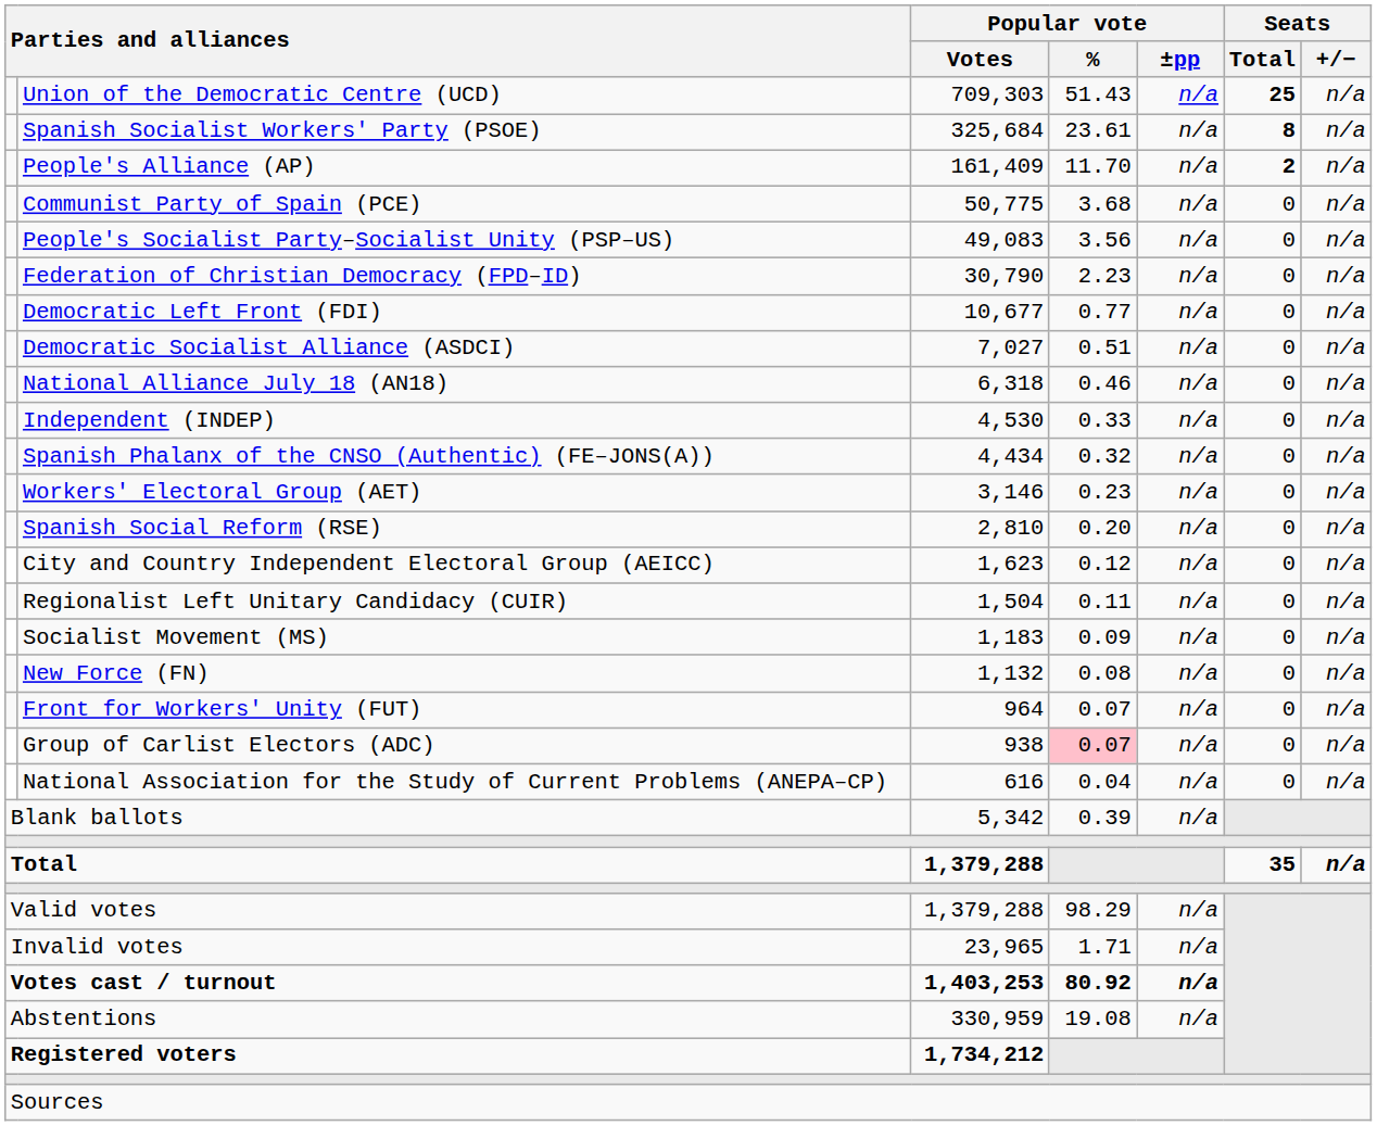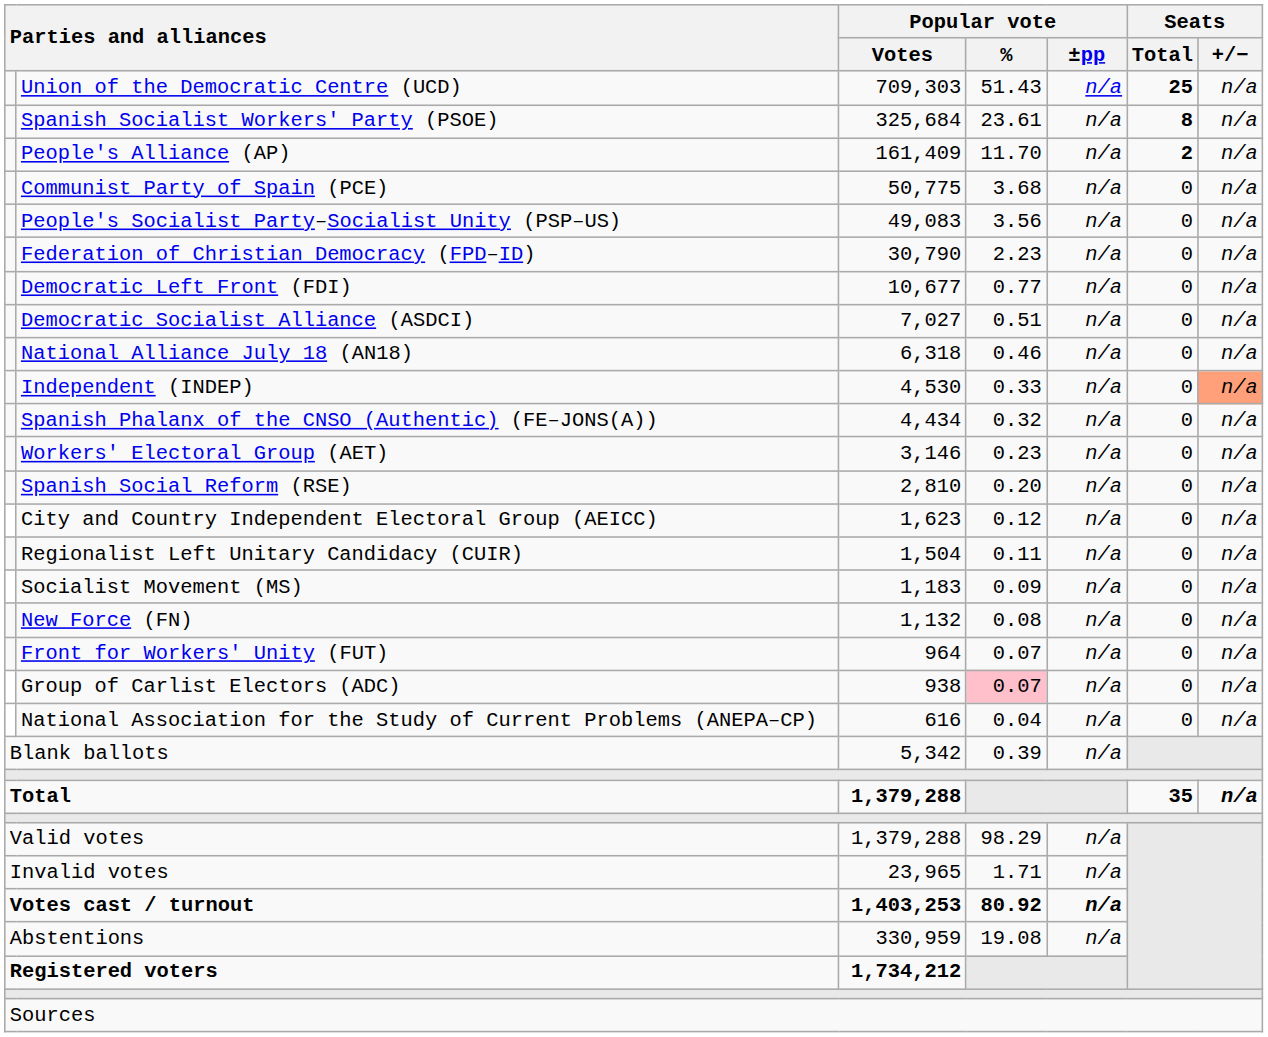 <table class="wikitable" style="text-align:right;">
 <tr>
 <th style="text-align:left;" rowspan="2" colspan="2" width="525">Parties and alliances</th>
 <th colspan="3">Popular vote</th>
 <th colspan="2">Seats</th>
 </tr>
 <tr>
 <th width="75">Votes</th>
 <th width="45">%</th>
 <th width="45">±<a href='#'>pp</a></th>
 <th width="35">Total</th>
 <th width="35">+/−</th>
 </tr>
 <tr>
 <td width="1" style="color:inherit;background:"></td>
 <td align="left"><a href='#'>Union of the Democratic Centre</a> (UCD)</td>
 <td>709,303</td>
 <td>51.43</td>
 <td><em><a href='#'>n/a</a></em></td>
 <td><strong>25</strong></td>
 <td><em>n/a</em></td>
 </tr>
 <tr>
 <td style="color:inherit;background:"></td>
 <td align="left"><a href='#'>Spanish Socialist Workers' Party</a> (PSOE)</td>
 <td>325,684</td>
 <td>23.61</td>
 <td><em>n/a</em></td>
 <td><strong>8</strong></td>
 <td><em>n/a</em></td>
 </tr>
 <tr>
 <td style="color:inherit;background:"></td>
 <td align="left"><a href='#'>People's Alliance</a> (AP)</td>
 <td>161,409</td>
 <td>11.70</td>
 <td><em>n/a</em></td>
 <td><strong>2</strong></td>
 <td><em>n/a</em></td>
 </tr>
 <tr>
 <td style="color:inherit;background:"></td>
 <td align="left"><a href='#'>Communist Party of Spain</a> (PCE)</td>
 <td>50,775</td>
 <td>3.68</td>
 <td><em>n/a</em></td>
 <td>0</td>
 <td><em>n/a</em></td>
 </tr>
 <tr>
 <td style="color:inherit;background:"></td>
 <td align="left"><a href='#'>People's Socialist Party</a>–<a href='#'>Socialist Unity</a> (PSP–US)</td>
 <td>49,083</td>
 <td>3.56</td>
 <td><em>n/a</em></td>
 <td>0</td>
 <td><em>n/a</em></td>
 </tr>
 <tr>
 <td style="color:inherit;background:"></td>
 <td align="left"><a href='#'>Federation of Christian Democracy</a> (<a href='#'>FPD</a>–<a href='#'>ID</a>)</td>
 <td>30,790</td>
 <td>2.23</td>
 <td><em>n/a</em></td>
 <td>0</td>
 <td><em>n/a</em></td>
 </tr>
 <tr>
 <td style="color:inherit;background:"></td>
 <td align="left"><a href='#'>Democratic Left Front</a> (FDI)</td>
 <td>10,677</td>
 <td>0.77</td>
 <td><em>n/a</em></td>
 <td>0</td>
 <td><em>n/a</em></td>
 </tr>
 <tr>
 <td style="color:inherit;background:"></td>
 <td align="left"><a href='#'>Democratic Socialist Alliance</a> (ASDCI)</td>
 <td>7,027</td>
 <td>0.51</td>
 <td><em>n/a</em></td>
 <td>0</td>
 <td><em>n/a</em></td>
 </tr>
 <tr>
 <td style="color:inherit;background:"></td>
 <td align="left"><a href='#'>National Alliance July 18</a> (AN18)</td>
 <td>6,318</td>
 <td>0.46</td>
 <td><em>n/a</em></td>
 <td>0</td>
 <td><em>n/a</em></td>
 </tr>
 <tr>
 <td style="color:inherit;background:"></td>
 <td align="left"><a href='#'>Independent</a> (INDEP)</td>
 <td>4,530</td>
 <td>0.33</td>
 <td><em>n/a</em></td>
 <td>0</td>
-<td><em>n/a</em></td>
+<td style="background: lightsalmon;"><em>n/a</em></td>
 </tr>
 <tr>
 <td style="color:inherit;background:"></td>
 <td align="left"><a href='#'>Spanish Phalanx of the CNSO (Authentic)</a> (FE–JONS(A))</td>
 <td>4,434</td>
 <td>0.32</td>
 <td><em>n/a</em></td>
 <td>0</td>
 <td><em>n/a</em></td>
 </tr>
 <tr>
 <td style="color:inherit;background:"></td>
 <td align="left"><a href='#'>Workers' Electoral Group</a> (AET)</td>
 <td>3,146</td>
 <td>0.23</td>
 <td><em>n/a</em></td>
 <td>0</td>
 <td><em>n/a</em></td>
 </tr>
 <tr>
 <td style="color:inherit;background:"></td>
 <td align="left"><a href='#'>Spanish Social Reform</a> (RSE)</td>
 <td>2,810</td>
 <td>0.20</td>
 <td><em>n/a</em></td>
 <td>0</td>
 <td><em>n/a</em></td>
 </tr>
 <tr>
 <td bgcolor="white"></td>
 <td align="left">City and Country Independent Electoral Group (AEICC)</td>
 <td>1,623</td>
 <td>0.12</td>
 <td><em>n/a</em></td>
 <td>0</td>
 <td><em>n/a</em></td>
 </tr>
 <tr>
 <td style="color:inherit;background:"></td>
 <td align="left">Regionalist Left Unitary Candidacy (CUIR)</td>
 <td>1,504</td>
 <td>0.11</td>
 <td><em>n/a</em></td>
 <td>0</td>
 <td><em>n/a</em></td>
 </tr>
 <tr>
 <td bgcolor="white"></td>
 <td align="left">Socialist Movement (MS)</td>
 <td>1,183</td>
 <td>0.09</td>
 <td><em>n/a</em></td>
 <td>0</td>
 <td><em>n/a</em></td>
 </tr>
 <tr>
 <td style="color:inherit;background:"></td>
 <td align="left"><a href='#'>New Force</a> (FN)</td>
 <td>1,132</td>
 <td>0.08</td>
 <td><em>n/a</em></td>
 <td>0</td>
 <td><em>n/a</em></td>
 </tr>
 <tr>
 <td style="color:inherit;background:"></td>
 <td align="left"><a href='#'>Front for Workers' Unity</a> (FUT)</td>
 <td>964</td>
 <td>0.07</td>
 <td><em>n/a</em></td>
 <td>0</td>
 <td><em>n/a</em></td>
 </tr>
 <tr>
 <td bgcolor="white"></td>
 <td align="left">Group of Carlist Electors (ADC)</td>
 <td>938</td>
 <td style="background: pink;">0.07</td>
 <td><em>n/a</em></td>
 <td>0</td>
 <td><em>n/a</em></td>
 </tr>
 <tr>
 <td bgcolor="white"></td>
 <td align="left">National Association for the Study of Current Problems (ANEPA–CP)</td>
 <td>616</td>
 <td>0.04</td>
 <td><em>n/a</em></td>
 <td>0</td>
 <td><em>n/a</em></td>
 </tr>
 <tr>
 <td align="left" colspan="2">Blank ballots</td>
 <td>5,342</td>
 <td>0.39</td>
 <td><em>n/a</em></td>
 <td bgcolor="#E9E9E9" colspan="2"></td>
 </tr>
 <tr>
 <td colspan="7" bgcolor="#E9E9E9"></td>
 </tr>
 <tr style="font-weight:bold;">
 <td align="left" colspan="2">Total</td>
 <td>1,379,288</td>
 <td bgcolor="#E9E9E9" colspan="2"></td>
 <td>35</td>
 <td><em>n/a</em></td>
 </tr>
 <tr>
 <td colspan="7" bgcolor="#E9E9E9"></td>
 </tr>
 <tr>
 <td align="left" colspan="2">Valid votes</td>
 <td>1,379,288</td>
 <td>98.29</td>
 <td><em>n/a</em></td>
 <td bgcolor="#E9E9E9" colspan="2" rowspan="5"></td>
 </tr>
 <tr>
 <td align="left" colspan="2">Invalid votes</td>
 <td>23,965</td>
 <td>1.71</td>
 <td><em>n/a</em></td>
 </tr>
 <tr style="font-weight:bold;">
 <td align="left" colspan="2">Votes cast / turnout</td>
 <td>1,403,253</td>
 <td>80.92</td>
 <td><em>n/a</em></td>
 </tr>
 <tr>
 <td align="left" colspan="2">Abstentions</td>
 <td>330,959</td>
 <td>19.08</td>
 <td><em>n/a</em></td>
 </tr>
 <tr style="font-weight:bold;">
 <td align="left" colspan="2">Registered voters</td>
 <td>1,734,212</td>
 <td bgcolor="#E9E9E9" colspan="2"></td>
 </tr>
 <tr>
 <td colspan="7" bgcolor="#E9E9E9"></td>
 </tr>
 <tr>
 <td align="left" colspan="7">Sources</td>
 </tr>
 </table>
